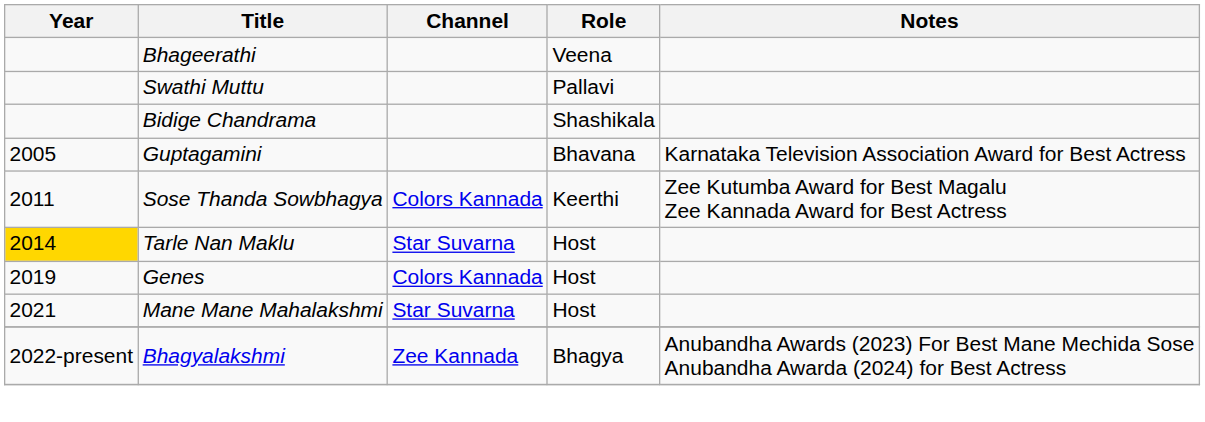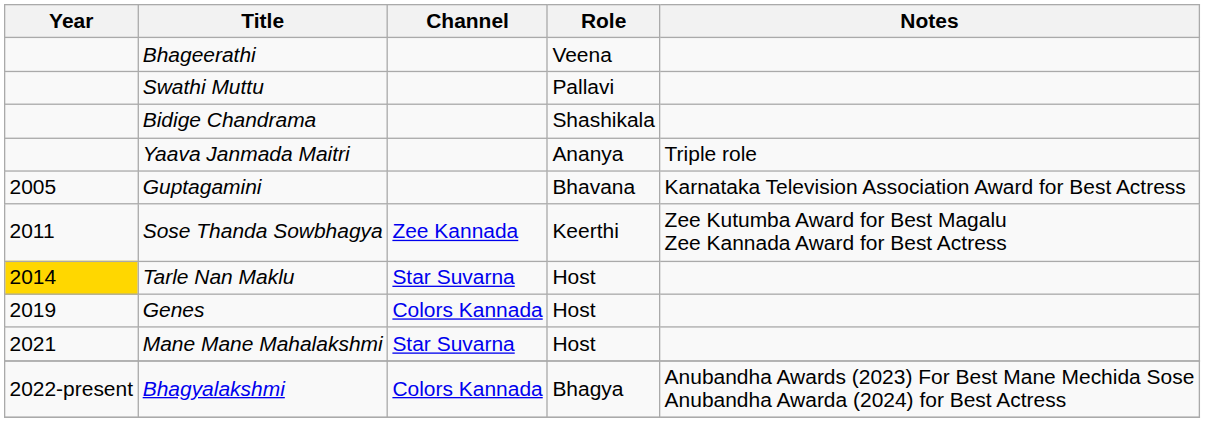 <table class="wikitable sortable">
 <tr>
 <th>Year</th>
 <th>Title</th>
 <th>Channel</th>
 <th>Role</th>
 <th class="unsortable">Notes</th>
 </tr>
 <tr>
 <td></td>
 <td><em>Bhageerathi</em></td>
 <td></td>
 <td>Veena</td>
 <td></td>
 </tr>
 <tr>
 <td></td>
 <td><em>Swathi Muttu</em></td>
 <td></td>
 <td>Pallavi</td>
 <td></td>
 </tr>
 <tr>
 <td></td>
 <td><em>Bidige Chandrama</em></td>
 <td></td>
 <td>Shashikala</td>
 <td></td>
 </tr>
 <tr>
+<td></td>
+<td><em>Yaava Janmada Maitri</em></td>
+<td></td>
+<td>Ananya</td>
+<td>Triple role</td>
+</tr>
+<tr>
 <td>2005</td>
 <td><em>Guptagamini</em></td>
 <td></td>
 <td>Bhavana</td>
 <td>Karnataka Television Association Award for Best Actress</td>
 </tr>
 <tr>
 <td>2011</td>
 <td><em>Sose Thanda Sowbhagya</em></td>
-<td><a href='#'>Colors Kannada</a></td>
+<td><a href='#'>Zee Kannada</a></td>
 <td>Keerthi</td>
 <td>Zee Kutumba Award for Best Magalu<br>Zee Kannada Award for Best Actress</td>
 </tr>
 <tr>
 <td style="background: gold;">2014</td>
 <td><em>Tarle Nan Maklu</em></td>
 <td><a href='#'>Star Suvarna</a></td>
 <td>Host</td>
 <td></td>
 </tr>
 <tr>
 <td>2019</td>
 <td><em>Genes</em></td>
 <td><a href='#'>Colors Kannada</a></td>
 <td>Host</td>
 <td></td>
 </tr>
 <tr>
 <td>2021</td>
 <td><em>Mane Mane Mahalakshmi</em></td>
 <td><a href='#'>Star Suvarna</a></td>
 <td>Host</td>
 <td></td>
 </tr>
 <tr>
 </tr>
 <tr>
 <td>2022-present</td>
 <td><em><a href='#'>Bhagyalakshmi</a></em></td>
-<td><a href='#'>Zee Kannada</a></td>
+<td><a href='#'>Colors Kannada</a></td>
 <td>Bhagya</td>
 <td>Anubandha Awards (2023) For Best Mane Mechida Sose<br>Anubandha Awarda (2024) for Best Actress</td>
 </tr>
 <tr>
 </tr>
 </table>
